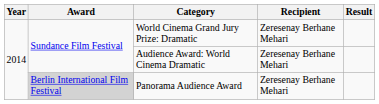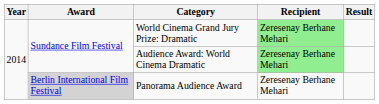 <table class="wikitable sortable">
 <tr>
 <th>Year</th>
 <th>Award</th>
 <th>Category</th>
 <th>Recipient</th>
 <th>Result</th>
 </tr>
 <tr>
 <td rowspan="3">2014</td>
 <td rowspan="2"><a href='#'>Sundance Film Festival</a></td>
 <td>World Cinema Grand Jury Prize: Dramatic</td>
-<td>Zeresenay Berhane Mehari</td>
+<td style="background: lightgreen;">Zeresenay Berhane Mehari</td>
 <td></td>
 </tr>
 <tr>
 <td>Audience Award: World Cinema Dramatic</td>
-<td>Zeresenay Berhane Mehari</td>
+<td style="background: lightgreen;">Zeresenay Berhane Mehari</td>
 <td></td>
 </tr>
 <tr>
 <td style="background: lightgrey;"><a href='#'>Berlin International Film Festival</a></td>
 <td>Panorama Audience Award</td>
 <td>Zeresenay Berhane Mehari</td>
 <td></td>
 </tr>
 </table>
